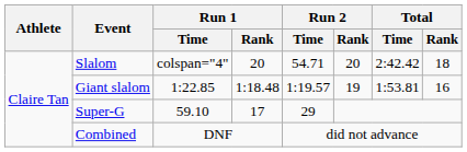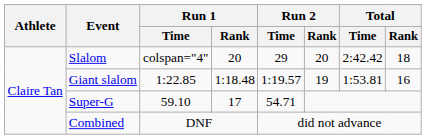 <table class="wikitable" style="font-size:90%">
 <tr>
 <th rowspan=2>Athlete</th>
 <th rowspan=2>Event</th>
 <th colspan=2>Run 1</th>
 <th colspan=2>Run 2</th>
 <th colspan=2>Total</th>
 </tr>
 <tr style="font-size:95%">
 <th>Time</th>
 <th>Rank</th>
 <th>Time</th>
 <th>Rank</th>
 <th>Time</th>
 <th>Rank</th>
 </tr>
 <tr align=center>
 <td align="left" rowspan="4"><a href='#'>Claire Tan</a></td>
 <td align="left"><a href='#'>Slalom</a></td>
 <td>colspan="4" </td>
 <td>20</td>
-<td>54.71</td>
+<td>29</td>
 <td>20</td>
 <td>2:42.42</td>
 <td>18</td>
 </tr>
 <tr align=center>
 <td align="left"><a href='#'>Giant slalom</a></td>
 <td>1:22.85</td>
 <td>1:18.48</td>
 <td>1:19.57</td>
 <td>19</td>
 <td>1:53.81</td>
 <td>16</td>
 </tr>
 <tr align=center>
 <td align="left"><a href='#'>Super-G</a></td>
 <td>59.10</td>
 <td>17</td>
-<td>29</td>
+<td>54.71</td>
 </tr>
 <tr align=center>
 <td align="left"><a href='#'>Combined</a></td>
 <td colspan=2>DNF</td>
 <td colspan=4>did not advance</td>
 </tr>
 </table>
